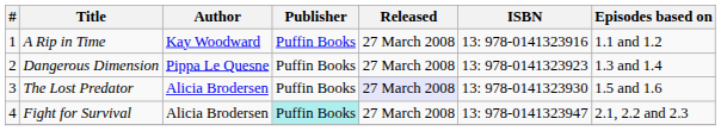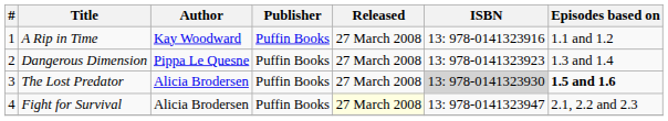 <table class="wikitable">
 <tr>
 <th>#</th>
 <th>Title</th>
 <th>Author</th>
 <th>Publisher</th>
 <th>Released</th>
 <th>ISBN</th>
 <th>Episodes based on</th>
 </tr>
 <tr>
 <td>1</td>
 <td><em>A Rip in Time</em></td>
 <td><a href='#'>Kay Woodward</a></td>
 <td><a href='#'>Puffin Books</a></td>
 <td>27 March 2008</td>
 <td>13: 978-0141323916</td>
 <td>1.1 and 1.2</td>
 </tr>
 <tr>
 <td>2</td>
 <td><em>Dangerous Dimension</em></td>
 <td><a href='#'>Pippa Le Quesne</a></td>
 <td>Puffin Books</td>
 <td>27 March 2008</td>
 <td>13: 978-0141323923</td>
 <td>1.3 and 1.4</td>
 </tr>
 <tr>
 <td>3</td>
 <td><em>The Lost Predator</em></td>
 <td><a href='#'>Alicia Brodersen</a></td>
 <td>Puffin Books</td>
-<td style="background: lavender;">27 March 2008</td>
-<td>13: 978-0141323930</td>
-<td>1.5 and 1.6</td>
+<td>27 March 2008</td>
+<td style="background: lightgrey;">13: 978-0141323930</td>
+<td><strong>1.5 and 1.6</strong></td>
 </tr>
 <tr>
 <td>4</td>
 <td><em>Fight for Survival</em></td>
 <td>Alicia Brodersen</td>
-<td style="background: paleturquoise;">Puffin Books</td>
-<td>27 March 2008</td>
+<td>Puffin Books</td>
+<td style="background: lightyellow;">27 March 2008</td>
 <td>13: 978-0141323947</td>
 <td>2.1, 2.2 and 2.3</td>
 </tr>
 <tr>
 </tr>
 </table>
